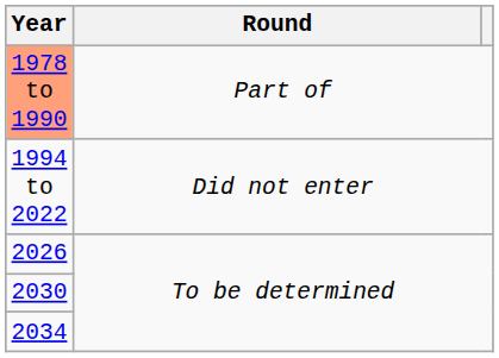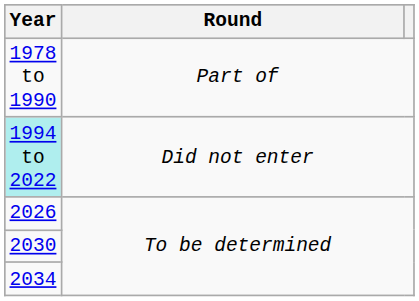 <table class="wikitable" style="text-align: center; font-size:90%">
 <tr>
 <th>Year</th>
 <th style="width:200px">Round</th>
 <th></th>
 </tr>
 <tr>
-<td style="background: lightsalmon;"><a href='#'>1978</a><br>to<br><a href='#'>1990</a></td>
+<td><a href='#'>1978</a><br>to<br><a href='#'>1990</a></td>
 <td colspan="2"><em>Part of </em></td>
 </tr>
 <tr>
-<td><a href='#'>1994</a><br>to<br><a href='#'>2022</a></td>
+<td style="background: paleturquoise;"><a href='#'>1994</a><br>to<br><a href='#'>2022</a></td>
 <td colspan="2"><em>Did not enter</em></td>
 </tr>
 <tr>
 <td><a href='#'>2026</a></td>
 <td colspan="2" rowspan="3"><em>To be determined</em></td>
 </tr>
 <tr>
 <td><a href='#'>2030</a></td>
 </tr>
 <tr>
 <td><a href='#'>2034</a></td>
 </tr>
 </table>
